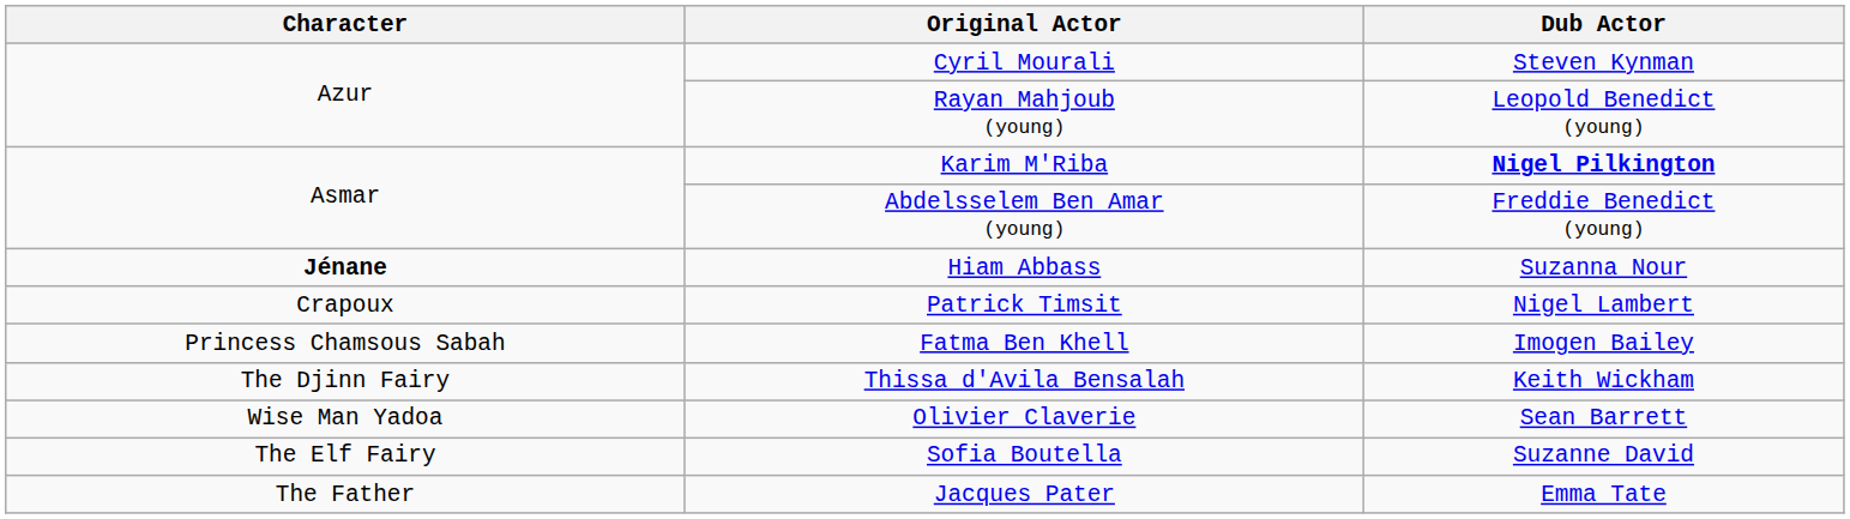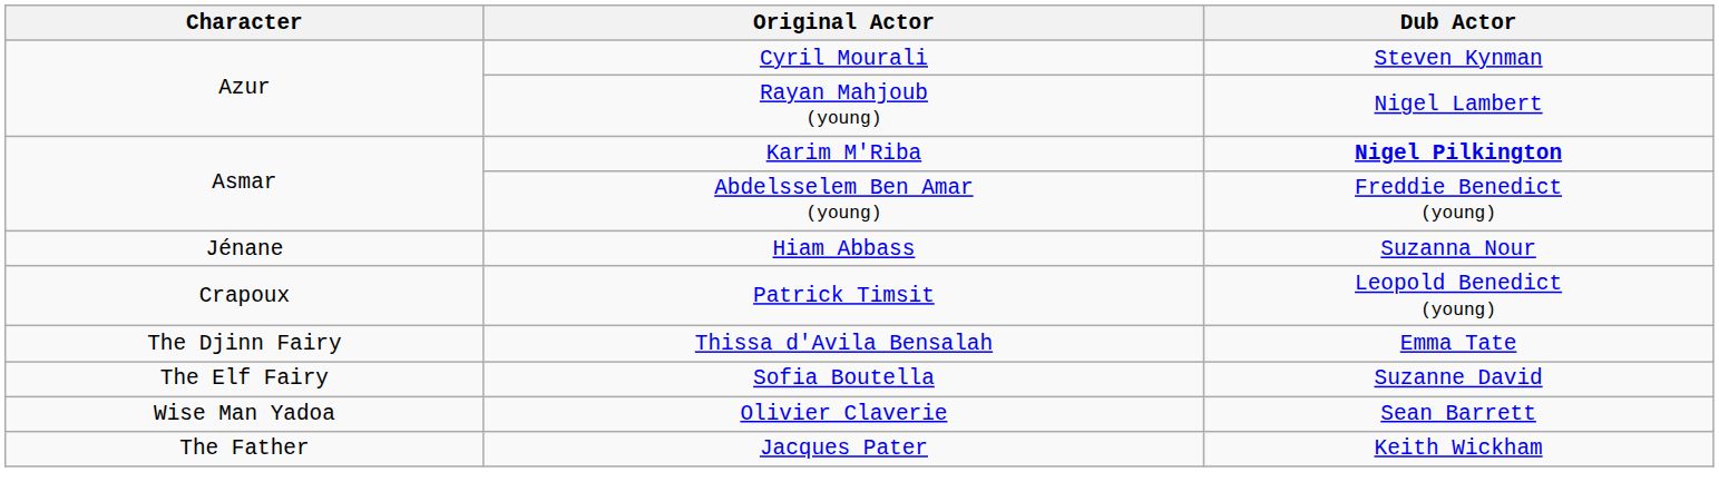 <table class="wikitable" width="65%" style="mfont-size: 85%; text-align: center;">
 <tr>
 <th>Character</th>
 <th>Original Actor</th>
 <th>Dub Actor</th>
 </tr>
 <tr>
 <td rowspan="2">Azur</td>
 <td><a href='#'>Cyril Mourali</a></td>
 <td><a href='#'>Steven Kynman</a></td>
 </tr>
 <tr>
 <td><a href='#'>Rayan Mahjoub</a><br><small>(young)</small></td>
-<td><a href='#'>Leopold Benedict</a><br><small>(young)</small></td>
+<td><a href='#'>Nigel Lambert</a></td>
 </tr>
 <tr>
 <td rowspan="2">Asmar</td>
 <td><a href='#'>Karim M'Riba</a></td>
 <td><strong><a href='#'>Nigel Pilkington</a></strong></td>
 </tr>
 <tr>
 <td><a href='#'>Abdelsselem Ben Amar</a><br><small>(young)</small></td>
 <td><a href='#'>Freddie Benedict</a><br><small>(young)</small></td>
 </tr>
 <tr>
-<td><strong>Jénane</strong></td>
+<td>Jénane</td>
 <td><a href='#'>Hiam Abbass</a></td>
 <td><a href='#'>Suzanna Nour</a></td>
 </tr>
 <tr>
 <td>Crapoux</td>
 <td><a href='#'>Patrick Timsit</a></td>
-<td><a href='#'>Nigel Lambert</a></td>
-</tr>
-<tr>
-<td>Princess Chamsous Sabah</td>
-<td><a href='#'>Fatma Ben Khell</a></td>
-<td><a href='#'>Imogen Bailey</a></td>
+<td><a href='#'>Leopold Benedict</a><br><small>(young)</small></td>
 </tr>
 <tr>
 <td>The Djinn Fairy</td>
 <td><a href='#'>Thissa d'Avila Bensalah</a></td>
-<td><a href='#'>Keith Wickham</a></td>
+<td><a href='#'>Emma Tate</a></td>
+</tr>
+<tr>
+<td>The Elf Fairy</td>
+<td><a href='#'>Sofia Boutella</a></td>
+<td><a href='#'>Suzanne David</a></td>
 </tr>
 <tr>
 <td>Wise Man Yadoa</td>
 <td><a href='#'>Olivier Claverie</a></td>
 <td><a href='#'>Sean Barrett</a></td>
 </tr>
 <tr>
-<td>The Elf Fairy</td>
-<td><a href='#'>Sofia Boutella</a></td>
-<td><a href='#'>Suzanne David</a></td>
-</tr>
-<tr>
 <td>The Father</td>
 <td><a href='#'>Jacques Pater</a></td>
-<td><a href='#'>Emma Tate</a></td>
+<td><a href='#'>Keith Wickham</a></td>
 </tr>
 </table>
